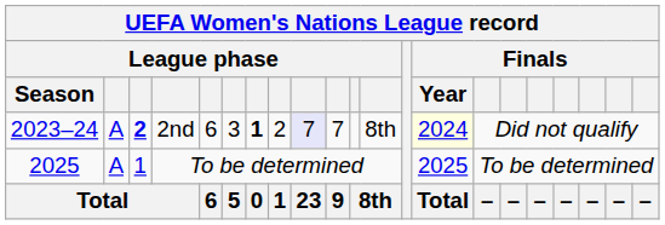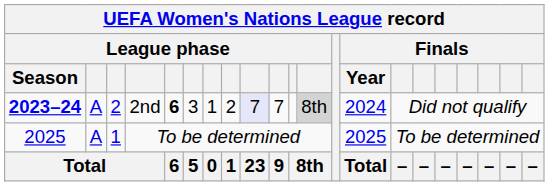 <table class="wikitable" style="text-align:center">
 <tr>
 <th colspan="22"><a href='#'>UEFA Women's Nations League</a> record</th>
 </tr>
 <tr>
 <th colspan="12">League phase</th>
 <th rowspan="5"></th>
 <th colspan="9">Finals</th>
 </tr>
 <tr>
 <th>Season</th>
 <th></th>
 <th></th>
 <th></th>
 <th></th>
 <th></th>
 <th></th>
 <th></th>
 <th></th>
 <th></th>
 <th></th>
 <th></th>
 <th>Year</th>
 <th></th>
 <th></th>
 <th></th>
 <th></th>
 <th></th>
 <th></th>
 <th></th>
 </tr>
 <tr>
-<td><a href='#'>2023–24</a></td>
+<td><strong><a href='#'>2023–24</a></strong></td>
 <td><a href='#'>A</a></td>
-<td><strong><a href='#'>2</a></strong></td>
+<td><a href='#'>2</a></td>
 <td>2nd</td>
-<td>6</td>
+<td><strong>6</strong></td>
 <td>3</td>
-<td><strong>1</strong></td>
+<td>1</td>
 <td>2</td>
 <td style="background: lavender;">7</td>
 <td>7</td>
 <td></td>
-<td>8th</td>
-<td style="background: lightyellow;"> <a href='#'>2024</a></td>
+<td style="background: lightgrey;">8th</td>
+<td> <a href='#'>2024</a></td>
 <td colspan="8"><em>Did not qualify</em></td>
 </tr>
 <tr>
 <td><a href='#'>2025</a></td>
 <td><a href='#'>A</a></td>
 <td><a href='#'>1</a></td>
 <td colspan="9"><em>To be determined</em></td>
 <td> <a href='#'>2025</a></td>
 <td colspan="7"><em>To be determined</em></td>
 </tr>
 <tr>
 <th colspan="4">Total</th>
 <th>6</th>
 <th>5</th>
 <th>0</th>
 <th>1</th>
 <th>23</th>
 <th>9</th>
 <th colspan="2">8th</th>
 <th>Total</th>
 <th>–</th>
 <th>–</th>
 <th>–</th>
 <th>–</th>
 <th>–</th>
 <th>–</th>
 <th>–</th>
 </tr>
 </table>
